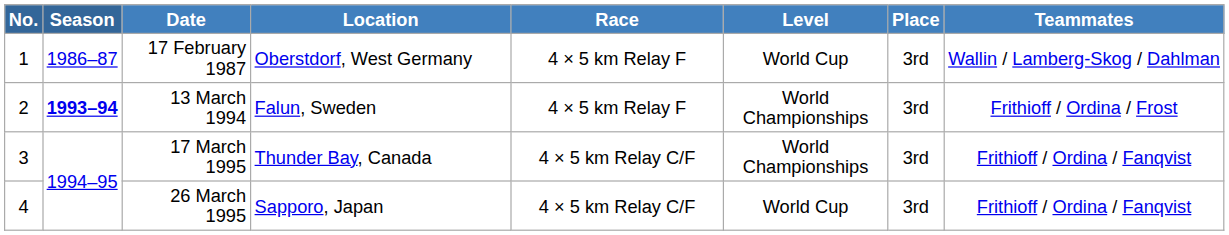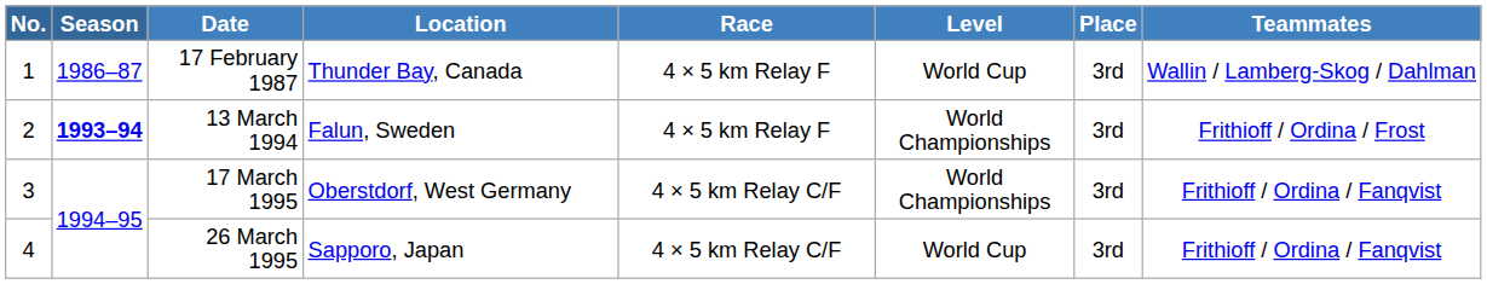 <table class="wikitable sortable" style="font-size:95%; text-align:center; border:grey solid 1px; border-collapse:collapse; background:#ffffff;">
 <tr style="background:#efefef;">
 <th style="background-color:#369; color:white;">No.</th>
 <th style="background-color:#369; color:white;">Season</th>
 <th style="background-color:#4180be; color:white; width:100px;">Date</th>
 <th style="background-color:#4180be; color:white; width:210px;">Location</th>
 <th style="background-color:#4180be; color:white; width:170px;">Race</th>
 <th style="background-color:#4180be; color:white; width:130px;">Level</th>
 <th style="background-color:#4180be; color:white;">Place</th>
 <th style="background-color:#4180be; color:white;">Teammates</th>
 </tr>
 <tr>
 <td align=center>1</td>
 <td rowspan=1 align=center><a href='#'>1986–87</a></td>
 <td align=right>17 February 1987</td>
-<td align=left> <a href='#'>Oberstdorf</a>, West Germany</td>
+<td align=left> <a href='#'>Thunder Bay</a>, Canada</td>
 <td>4 × 5 km Relay F</td>
 <td>World Cup</td>
 <td>3rd</td>
 <td><a href='#'>Wallin</a> / <a href='#'>Lamberg-Skog</a> / <a href='#'>Dahlman</a></td>
 </tr>
 <tr>
 <td align=center>2</td>
 <td rowspan=1 align=center><strong><a href='#'>1993–94</a></strong></td>
 <td align=right>13 March 1994</td>
 <td align=left> <a href='#'>Falun</a>, Sweden</td>
 <td>4 × 5 km Relay F</td>
 <td>World Championships</td>
 <td>3rd</td>
 <td><a href='#'>Frithioff</a> / <a href='#'>Ordina</a> / <a href='#'>Frost</a></td>
 </tr>
 <tr>
 <td align=center>3</td>
 <td rowspan=2 align=center><a href='#'>1994–95</a></td>
 <td align=right>17 March 1995</td>
-<td align=left> <a href='#'>Thunder Bay</a>, Canada</td>
+<td align=left> <a href='#'>Oberstdorf</a>, West Germany</td>
 <td>4 × 5 km Relay C/F</td>
 <td>World Championships</td>
 <td>3rd</td>
 <td><a href='#'>Frithioff</a> / <a href='#'>Ordina</a> / <a href='#'>Fanqvist</a></td>
 </tr>
 <tr>
 <td align=center>4</td>
 <td align=right>26 March 1995</td>
 <td align=left> <a href='#'>Sapporo</a>, Japan</td>
 <td>4 × 5 km Relay C/F</td>
 <td>World Cup</td>
 <td>3rd</td>
 <td><a href='#'>Frithioff</a> / <a href='#'>Ordina</a> / <a href='#'>Fanqvist</a></td>
 </tr>
 </table>
